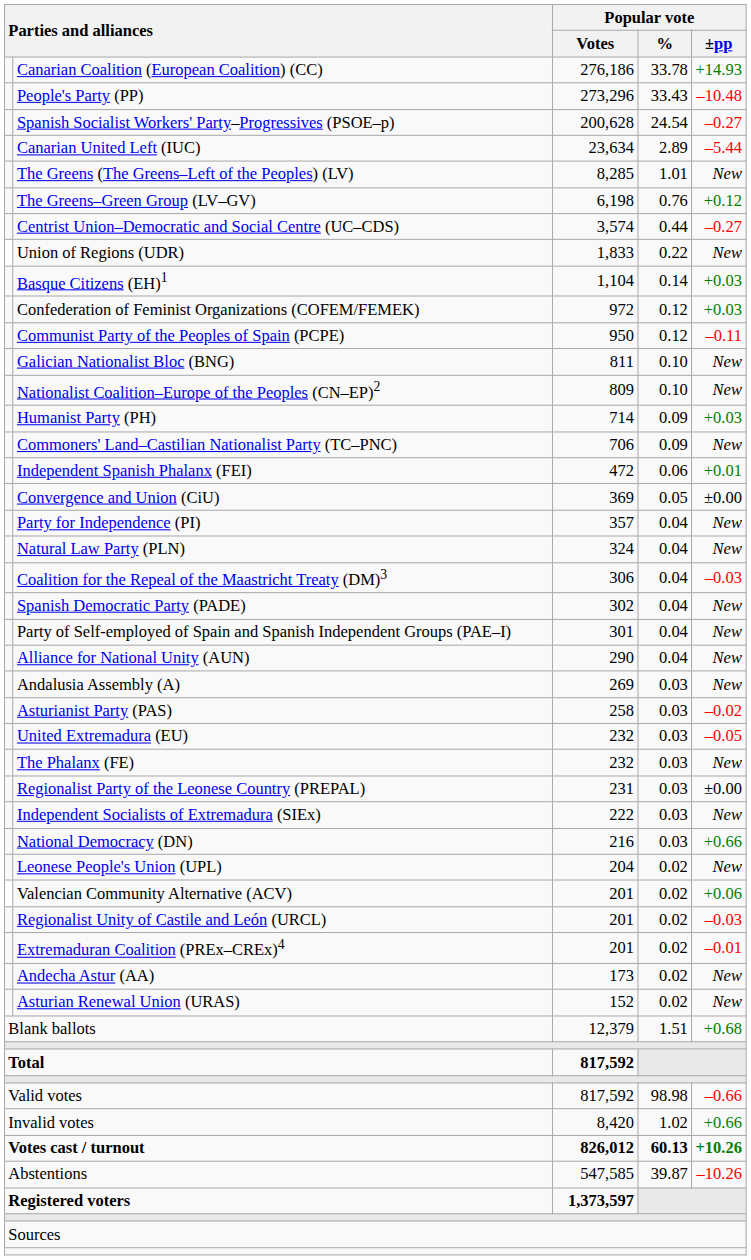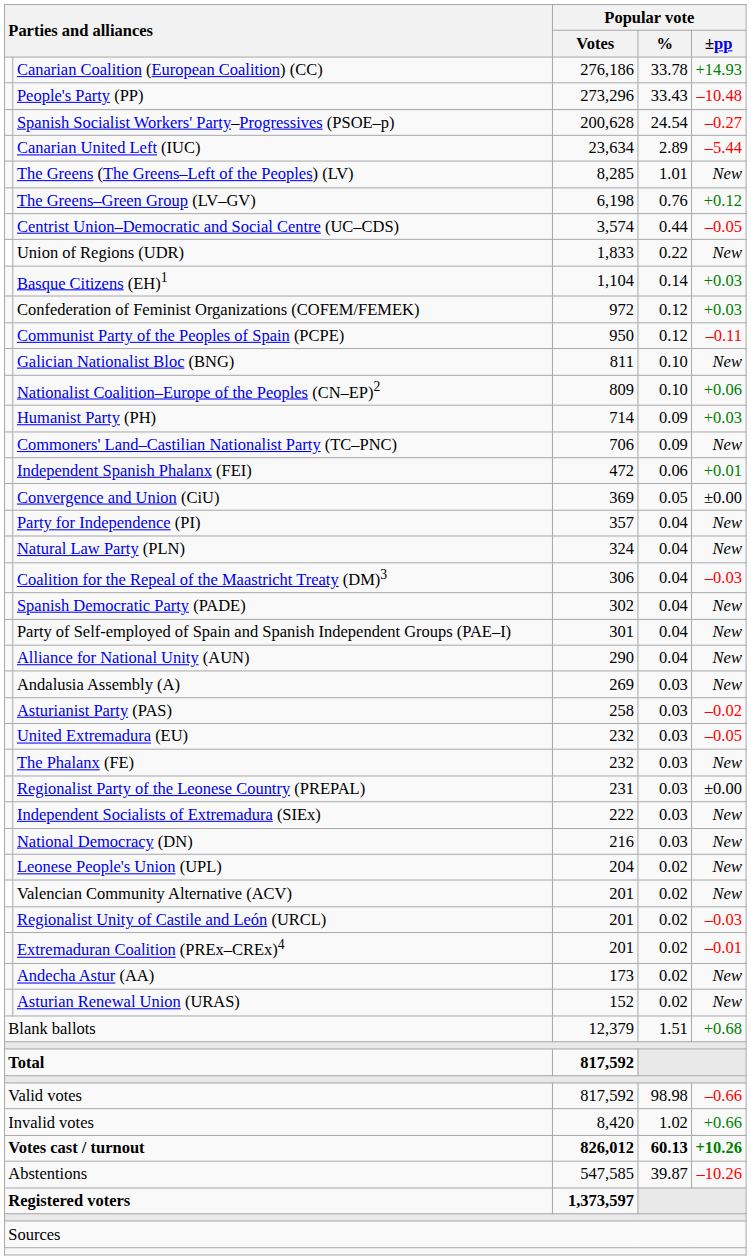 <table class="wikitable" style="text-align:right">
 <tr>
 <th style="text-align:left;" rowspan="2" colspan="2" width="525">Parties and alliances</th>
 <th colspan="3">Popular vote</th>
 </tr>
 <tr>
 <th width="75">Votes</th>
 <th width="45">%</th>
 <th width="45">±<a href='#'>pp</a></th>
 </tr>
 <tr>
 <td width="1" style="color:inherit;background:"></td>
 <td align="left"><a href='#'>Canarian Coalition</a> (<a href='#'>European Coalition</a>) (CC)</td>
 <td>276,186</td>
 <td>33.78</td>
 <td style="color:green;">+14.93</td>
 </tr>
 <tr>
 <td style="color:inherit;background:"></td>
 <td align="left"><a href='#'>People's Party</a> (PP)</td>
 <td>273,296</td>
 <td>33.43</td>
 <td style="color:red;">–10.48</td>
 </tr>
 <tr>
 <td style="color:inherit;background:"></td>
 <td align="left"><a href='#'>Spanish Socialist Workers' Party</a>–<a href='#'>Progressives</a> (PSOE–p)</td>
 <td>200,628</td>
 <td>24.54</td>
 <td style="color:red;">–0.27</td>
 </tr>
 <tr>
 <td style="color:inherit;background:"></td>
 <td align="left"><a href='#'>Canarian United Left</a> (IUC)</td>
 <td>23,634</td>
 <td>2.89</td>
 <td style="color:red;">–5.44</td>
 </tr>
 <tr>
 <td style="color:inherit;background:"></td>
 <td align="left"><a href='#'>The Greens</a> (<a href='#'>The Greens–Left of the Peoples</a>) (LV)</td>
 <td>8,285</td>
 <td>1.01</td>
 <td><em>New</em></td>
 </tr>
 <tr>
 <td style="color:inherit;background:"></td>
 <td align="left"><a href='#'>The Greens–Green Group</a> (LV–GV)</td>
 <td>6,198</td>
 <td>0.76</td>
 <td style="color:green;">+0.12</td>
 </tr>
 <tr>
 <td style="color:inherit;background:"></td>
 <td align="left"><a href='#'>Centrist Union–Democratic and Social Centre</a> (UC–CDS)</td>
 <td>3,574</td>
 <td>0.44</td>
-<td style="color:red;">–0.27</td>
+<td style="color:red;">–0.05</td>
 </tr>
 <tr>
 <td bgcolor="white"></td>
 <td align="left">Union of Regions (UDR)</td>
 <td>1,833</td>
 <td>0.22</td>
 <td><em>New</em></td>
 </tr>
 <tr>
 <td style="color:inherit;background:"></td>
 <td align="left"><a href='#'>Basque Citizens</a> (EH)<sup>1</sup></td>
 <td>1,104</td>
 <td>0.14</td>
 <td style="color:green;">+0.03</td>
 </tr>
 <tr>
 <td style="color:inherit;background:"></td>
 <td align="left">Confederation of Feminist Organizations (COFEM/FEMEK)</td>
 <td>972</td>
 <td>0.12</td>
 <td style="color:green;">+0.03</td>
 </tr>
 <tr>
 <td style="color:inherit;background:"></td>
 <td align="left"><a href='#'>Communist Party of the Peoples of Spain</a> (PCPE)</td>
 <td>950</td>
 <td>0.12</td>
 <td style="color:red;">–0.11</td>
 </tr>
 <tr>
 <td style="color:inherit;background:"></td>
 <td align="left"><a href='#'>Galician Nationalist Bloc</a> (BNG)</td>
 <td>811</td>
 <td>0.10</td>
 <td><em>New</em></td>
 </tr>
 <tr>
 <td style="color:inherit;background:"></td>
 <td align="left"><a href='#'>Nationalist Coalition–Europe of the Peoples</a> (CN–EP)<sup>2</sup></td>
 <td>809</td>
 <td>0.10</td>
-<td><em>New</em></td>
+<td style="color:green;">+0.06</td>
 </tr>
 <tr>
 <td style="color:inherit;background:"></td>
 <td align="left"><a href='#'>Humanist Party</a> (PH)</td>
 <td>714</td>
 <td>0.09</td>
 <td style="color:green;">+0.03</td>
 </tr>
 <tr>
 <td style="color:inherit;background:"></td>
 <td align="left"><a href='#'>Commoners' Land–Castilian Nationalist Party</a> (TC–PNC)</td>
 <td>706</td>
 <td>0.09</td>
 <td><em>New</em></td>
 </tr>
 <tr>
 <td style="color:inherit;background:"></td>
 <td align="left"><a href='#'>Independent Spanish Phalanx</a> (FEI)</td>
 <td>472</td>
 <td>0.06</td>
 <td style="color:green;">+0.01</td>
 </tr>
 <tr>
 <td style="color:inherit;background:"></td>
 <td align="left"><a href='#'>Convergence and Union</a> (CiU)</td>
 <td>369</td>
 <td>0.05</td>
 <td>±0.00</td>
 </tr>
 <tr>
 <td style="color:inherit;background:"></td>
 <td align="left"><a href='#'>Party for Independence</a> (PI)</td>
 <td>357</td>
 <td>0.04</td>
 <td><em>New</em></td>
 </tr>
 <tr>
 <td style="color:inherit;background:"></td>
 <td align="left"><a href='#'>Natural Law Party</a> (PLN)</td>
 <td>324</td>
 <td>0.04</td>
 <td><em>New</em></td>
 </tr>
 <tr>
 <td style="color:inherit;background:"></td>
 <td align="left"><a href='#'>Coalition for the Repeal of the Maastricht Treaty</a> (DM)<sup>3</sup></td>
 <td>306</td>
 <td>0.04</td>
 <td style="color:red;">–0.03</td>
 </tr>
 <tr>
 <td style="color:inherit;background:"></td>
 <td align="left"><a href='#'>Spanish Democratic Party</a> (PADE)</td>
 <td>302</td>
 <td>0.04</td>
 <td><em>New</em></td>
 </tr>
 <tr>
 <td style="color:inherit;background:"></td>
 <td align="left">Party of Self-employed of Spain and Spanish Independent Groups (PAE–I)</td>
 <td>301</td>
 <td>0.04</td>
 <td><em>New</em></td>
 </tr>
 <tr>
 <td style="color:inherit;background:"></td>
 <td align="left"><a href='#'>Alliance for National Unity</a> (AUN)</td>
 <td>290</td>
 <td>0.04</td>
 <td><em>New</em></td>
 </tr>
 <tr>
 <td style="color:inherit;background:"></td>
 <td align="left">Andalusia Assembly (A)</td>
 <td>269</td>
 <td>0.03</td>
 <td><em>New</em></td>
 </tr>
 <tr>
 <td style="color:inherit;background:"></td>
 <td align="left"><a href='#'>Asturianist Party</a> (PAS)</td>
 <td>258</td>
 <td>0.03</td>
 <td style="color:red;">–0.02</td>
 </tr>
 <tr>
 <td style="color:inherit;background:"></td>
 <td align="left"><a href='#'>United Extremadura</a> (EU)</td>
 <td>232</td>
 <td>0.03</td>
 <td style="color:red;">–0.05</td>
 </tr>
 <tr>
 <td style="color:inherit;background:"></td>
 <td align="left"><a href='#'>The Phalanx</a> (FE)</td>
 <td>232</td>
 <td>0.03</td>
 <td><em>New</em></td>
 </tr>
 <tr>
 <td style="color:inherit;background:"></td>
 <td align="left"><a href='#'>Regionalist Party of the Leonese Country</a> (PREPAL)</td>
 <td>231</td>
 <td>0.03</td>
 <td>±0.00</td>
 </tr>
 <tr>
 <td style="color:inherit;background:"></td>
 <td align="left"><a href='#'>Independent Socialists of Extremadura</a> (SIEx)</td>
 <td>222</td>
 <td>0.03</td>
 <td><em>New</em></td>
 </tr>
 <tr>
 <td style="color:inherit;background:"></td>
 <td align="left"><a href='#'>National Democracy</a> (DN)</td>
 <td>216</td>
 <td>0.03</td>
-<td style="color:green;">+0.66</td>
+<td><em>New</em></td>
 </tr>
 <tr>
 <td style="color:inherit;background:"></td>
 <td align="left"><a href='#'>Leonese People's Union</a> (UPL)</td>
 <td>204</td>
 <td>0.02</td>
 <td><em>New</em></td>
 </tr>
 <tr>
 <td bgcolor="white"></td>
 <td align="left">Valencian Community Alternative (ACV)</td>
 <td>201</td>
 <td>0.02</td>
-<td style="color:green;">+0.06</td>
+<td><em>New</em></td>
 </tr>
 <tr>
 <td style="color:inherit;background:"></td>
 <td align="left"><a href='#'>Regionalist Unity of Castile and León</a> (URCL)</td>
 <td>201</td>
 <td>0.02</td>
 <td style="color:red;">–0.03</td>
 </tr>
 <tr>
 <td style="color:inherit;background:"></td>
 <td align="left"><a href='#'>Extremaduran Coalition</a> (PREx–CREx)<sup>4</sup></td>
 <td>201</td>
 <td>0.02</td>
 <td style="color:red;">–0.01</td>
 </tr>
 <tr>
 <td style="color:inherit;background:"></td>
 <td align="left"><a href='#'>Andecha Astur</a> (AA)</td>
 <td>173</td>
 <td>0.02</td>
 <td><em>New</em></td>
 </tr>
 <tr>
 <td style="color:inherit;background:"></td>
 <td align="left"><a href='#'>Asturian Renewal Union</a> (URAS)</td>
 <td>152</td>
 <td>0.02</td>
 <td><em>New</em></td>
 </tr>
 <tr>
 <td align="left" colspan="2">Blank ballots</td>
 <td>12,379</td>
 <td>1.51</td>
 <td style="color:green;">+0.68</td>
 </tr>
 <tr>
 <td colspan="5" bgcolor="#E9E9E9"></td>
 </tr>
 <tr style="font-weight:bold;">
 <td align="left" colspan="2">Total</td>
 <td>817,592</td>
 <td bgcolor="#E9E9E9" colspan="2"></td>
 </tr>
 <tr>
 <td colspan="5" bgcolor="#E9E9E9"></td>
 </tr>
 <tr>
 <td align="left" colspan="2">Valid votes</td>
 <td>817,592</td>
 <td>98.98</td>
 <td style="color:red;">–0.66</td>
 </tr>
 <tr>
 <td align="left" colspan="2">Invalid votes</td>
 <td>8,420</td>
 <td>1.02</td>
 <td style="color:green;">+0.66</td>
 </tr>
 <tr style="font-weight:bold;">
 <td align="left" colspan="2">Votes cast / turnout</td>
 <td>826,012</td>
 <td>60.13</td>
 <td style="color:green;">+10.26</td>
 </tr>
 <tr>
 <td align="left" colspan="2">Abstentions</td>
 <td>547,585</td>
 <td>39.87</td>
 <td style="color:red;">–10.26</td>
 </tr>
 <tr style="font-weight:bold;">
 <td align="left" colspan="2">Registered voters</td>
 <td>1,373,597</td>
 <td bgcolor="#E9E9E9" colspan="2"></td>
 </tr>
 <tr>
 <td colspan="5" bgcolor="#E9E9E9"></td>
 </tr>
 <tr>
 <td align="left" colspan="5">Sources</td>
 </tr>
 <tr>
 <td colspan="5" style="text-align:left; max-width:680px;"></td>
 </tr>
 </table>
